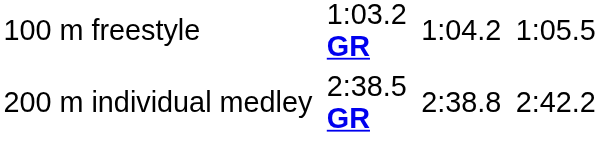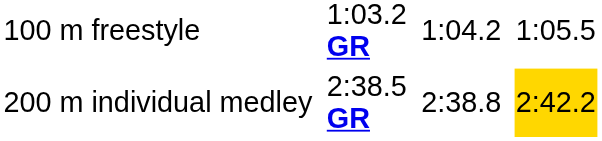 <table>
 <tr>
 <td>100 m freestyle<br></td>
 <td></td>
 <td>1:03.2<br><strong><a href='#'>GR</a></strong></td>
 <td></td>
 <td>1:04.2</td>
 <td></td>
 <td>1:05.5</td>
 </tr>
 <tr>
 <td>200 m individual medley<br></td>
 <td></td>
 <td>2:38.5<br><strong><a href='#'>GR</a></strong></td>
 <td></td>
 <td>2:38.8</td>
 <td></td>
-<td>2:42.2</td>
+<td style="background: gold;">2:42.2</td>
 </tr>
 </table>
